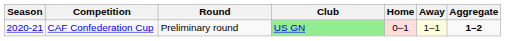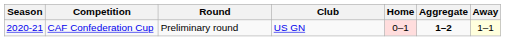 <table class="wikitable">
 <tr>
 <th>Season</th>
 <th width=175>Competition</th>
 <th width=175>Round</th>
 <th width=175>Club</th>
 <th>Home</th>
+<th>Aggregate</th>
 <th>Away</th>
-<th>Aggregate</th>
 </tr>
 <tr>
 <td><a href='#'>2020-21</a></td>
 <td><a href='#'>CAF Confederation Cup</a></td>
 <td>Preliminary round</td>
-<td style="background: lightgreen;"> <a href='#'>US GN</a></td>
+<td> <a href='#'>US GN</a></td>
 <td style="background:#fdd; text-align:center">0–1</td>
+<td style="text-align:center;"><strong>1–2</strong></td>
 <td style="background:#ffd; text-align:center">1–1</td>
-<td style="text-align:center;"><strong>1–2</strong></td>
 </tr>
 </table>
